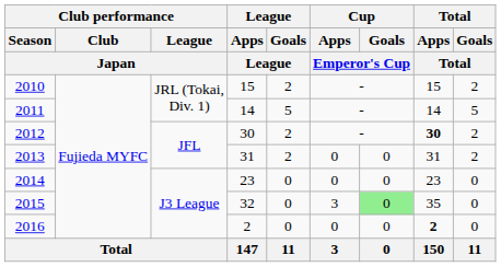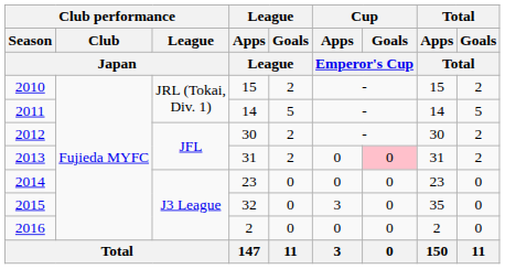 <table class="wikitable" style="text-align:center;">
 <tr>
 <th colspan=3>Club performance</th>
 <th colspan=2>League</th>
 <th colspan=2>Cup</th>
 <th colspan=2>Total</th>
 </tr>
 <tr>
 <th>Season</th>
 <th>Club</th>
 <th>League</th>
 <th>Apps</th>
 <th>Goals</th>
 <th>Apps</th>
 <th>Goals</th>
 <th>Apps</th>
 <th>Goals</th>
 </tr>
 <tr>
 <th colspan=3>Japan</th>
 <th colspan=2>League</th>
 <th colspan=2><a href='#'>Emperor's Cup</a></th>
 <th colspan=2>Total</th>
 </tr>
 <tr>
 <td><a href='#'>2010</a></td>
 <td rowspan="7"><a href='#'>Fujieda MYFC</a></td>
 <td rowspan="2">JRL (Tokai,<br>Div. 1)</td>
 <td>15</td>
 <td>2</td>
 <td colspan="2">-</td>
 <td>15</td>
 <td>2</td>
 </tr>
 <tr>
 <td><a href='#'>2011</a></td>
 <td>14</td>
 <td>5</td>
 <td colspan="2">-</td>
 <td>14</td>
 <td>5</td>
 </tr>
 <tr>
 <td><a href='#'>2012</a></td>
 <td rowspan="2"><a href='#'>JFL</a></td>
 <td>30</td>
 <td>2</td>
 <td colspan="2">-</td>
-<td><strong>30</strong></td>
+<td>30</td>
 <td>2</td>
 </tr>
 <tr>
 <td><a href='#'>2013</a></td>
 <td>31</td>
 <td>2</td>
 <td>0</td>
-<td>0</td>
+<td style="background: pink;">0</td>
 <td>31</td>
 <td>2</td>
 </tr>
 <tr>
 <td><a href='#'>2014</a></td>
 <td rowspan="3"><a href='#'>J3 League</a></td>
 <td>23</td>
 <td>0</td>
 <td>0</td>
 <td>0</td>
 <td>23</td>
 <td>0</td>
 </tr>
 <tr>
 <td><a href='#'>2015</a></td>
 <td>32</td>
 <td>0</td>
 <td>3</td>
-<td style="background: lightgreen;">0</td>
+<td>0</td>
 <td>35</td>
 <td>0</td>
 </tr>
 <tr>
 <td><a href='#'>2016</a></td>
 <td>2</td>
 <td>0</td>
 <td>0</td>
 <td>0</td>
-<td><strong>2</strong></td>
+<td>2</td>
 <td>0</td>
 </tr>
 <tr>
 <th colspan=3>Total</th>
 <th>147</th>
 <th>11</th>
 <th>3</th>
 <th>0</th>
 <th>150</th>
 <th>11</th>
 </tr>
 </table>
